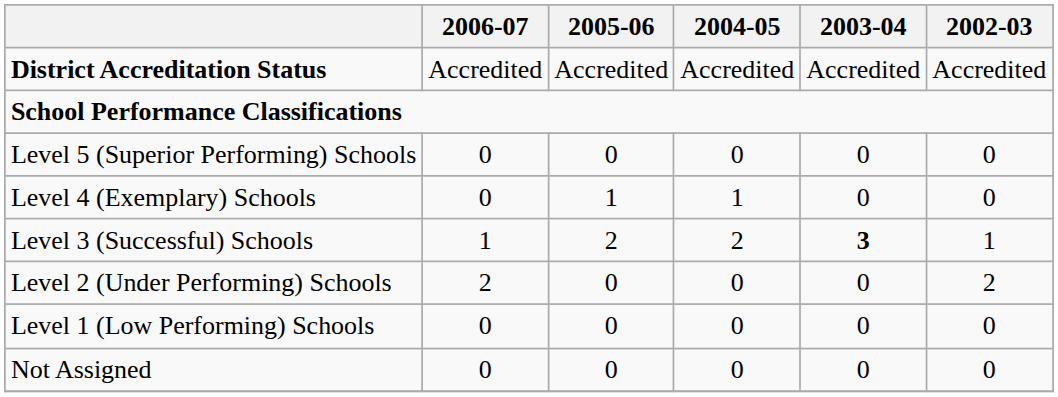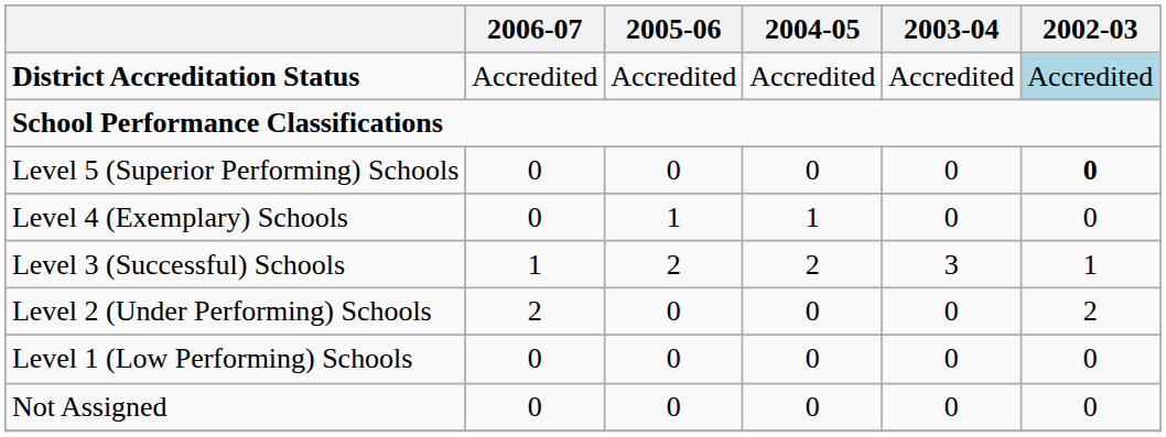 <table class="wikitable" style="font-size: 95%;">
 <tr>
 <th></th>
 <th>2006-07</th>
 <th>2005-06</th>
 <th>2004-05</th>
 <th>2003-04</th>
 <th>2002-03</th>
 </tr>
 <tr>
 <td align="left"><strong>District Accreditation Status</strong></td>
 <td align="center">Accredited</td>
 <td align="center">Accredited</td>
 <td align="center">Accredited</td>
 <td align="center">Accredited</td>
-<td align="center">Accredited</td>
+<td align="center" style="background: lightblue;">Accredited</td>
 </tr>
 <tr>
 <td align="left" colspan="6"><strong>School Performance Classifications</strong></td>
 </tr>
 <tr>
 <td align="left">Level 5 (Superior Performing) Schools</td>
 <td align="center">0</td>
 <td align="center">0</td>
 <td align="center">0</td>
 <td align="center">0</td>
-<td align="center">0</td>
+<td align="center"><strong>0</strong></td>
 </tr>
 <tr>
 <td align="left">Level 4 (Exemplary) Schools</td>
 <td align="center">0</td>
 <td align="center">1</td>
 <td align="center">1</td>
 <td align="center">0</td>
 <td align="center">0</td>
 </tr>
 <tr>
 <td align="left">Level 3 (Successful) Schools</td>
 <td align="center">1</td>
 <td align="center">2</td>
 <td align="center">2</td>
-<td align="center"><strong>3</strong></td>
+<td align="center">3</td>
 <td align="center">1</td>
 </tr>
 <tr>
 <td align="left">Level 2 (Under Performing) Schools</td>
 <td align="center">2</td>
 <td align="center">0</td>
 <td align="center">0</td>
 <td align="center">0</td>
 <td align="center">2</td>
 </tr>
 <tr>
 <td align="left">Level 1 (Low Performing) Schools</td>
 <td align="center">0</td>
 <td align="center">0</td>
 <td align="center">0</td>
 <td align="center">0</td>
 <td align="center">0</td>
 </tr>
 <tr>
 <td align="left">Not Assigned</td>
 <td align="center">0</td>
 <td align="center">0</td>
 <td align="center">0</td>
 <td align="center">0</td>
 <td align="center">0</td>
 </tr>
 <tr>
 </tr>
 </table>
